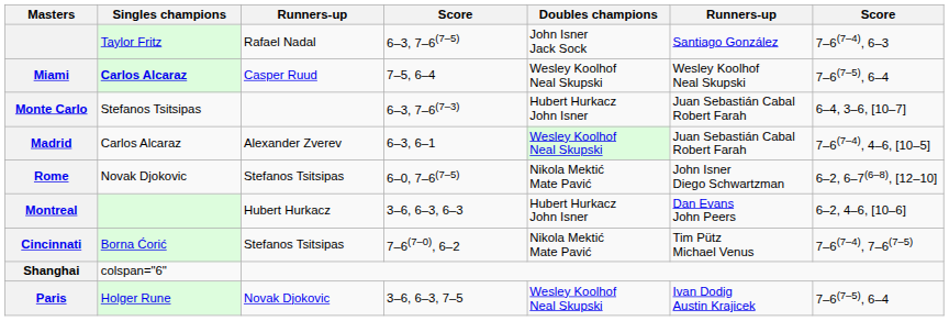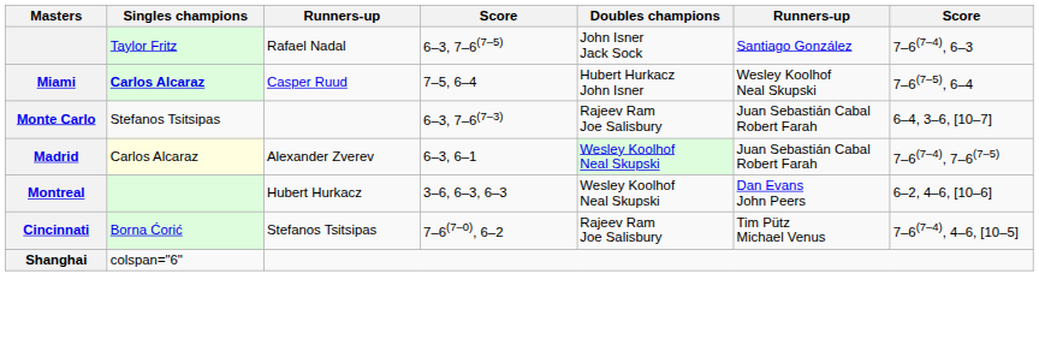 <table class="wikitable plainrowheaders">
 <tr>
 <th scope="col" style="width:7em">Masters</th>
 <th scope="col" style="width:11em">Singles champions</th>
 <th scope="col" style="width:11em">Runners-up</th>
 <th scope="col" style="width:11em">Score</th>
 <th scope="col" style="width:11em">Doubles champions</th>
 <th scope="col" style="width:11em">Runners-up</th>
 <th scope="col" style="width:10em">Score</th>
 </tr>
 <tr>
 <th scope="row"></th>
 <td style="background-color: #ddfddd"> <a href='#'>Taylor Fritz</a></td>
 <td> Rafael Nadal</td>
 <td>6–3, 7–6<sup>(7–5)</sup></td>
 <td> John Isner<br> Jack Sock</td>
 <td> <a href='#'>Santiago González</a><br></td>
 <td>7–6<sup>(7–4)</sup>, 6–3</td>
 </tr>
 <tr>
 <th scope="row"><a href='#'><strong>Miami</strong></a> <br></th>
 <td style="background-color: #ddfddd"><strong> <a href='#'>Carlos Alcaraz</a></strong></td>
 <td> <a href='#'>Casper Ruud</a></td>
 <td>7–5, 6–4</td>
-<td> Wesley Koolhof<br> Neal Skupski</td>
+<td> Hubert Hurkacz<br> John Isner</td>
 <td> Wesley Koolhof<br> Neal Skupski</td>
 <td>7–6<sup>(7–5)</sup>, 6–4</td>
 </tr>
 <tr>
 <th scope="row"><a href='#'><strong>Monte Carlo</strong></a><br></th>
 <td> Stefanos Tsitsipas</td>
 <td></td>
 <td>6–3, 7–6<sup>(7–3)</sup></td>
-<td> Hubert Hurkacz<br> John Isner</td>
+<td> Rajeev Ram<br> Joe Salisbury</td>
 <td> Juan Sebastián Cabal<br> Robert Farah</td>
 <td>6–4, 3–6, [10–7]</td>
 </tr>
 <tr>
 <th scope="row"><a href='#'><strong>Madrid</strong></a> <br></th>
-<td> Carlos Alcaraz</td>
+<td style="background: lightyellow;"> Carlos Alcaraz</td>
 <td> Alexander Zverev</td>
 <td>6–3, 6–1</td>
 <td style="background-color: #ddfddd"> <a href='#'>Wesley Koolhof</a><br> <a href='#'>Neal Skupski</a></td>
 <td> Juan Sebastián Cabal<br> Robert Farah</td>
-<td>7–6<sup>(7–4)</sup>, 4–6, [10–5]</td>
-</tr>
-<tr>
-<th scope="row"><a href='#'><strong>Rome</strong></a> <br></th>
-<td> Novak Djokovic</td>
-<td> Stefanos Tsitsipas</td>
-<td>6–0, 7–6<sup>(7–5)</sup></td>
-<td> Nikola Mektić<br> Mate Pavić</td>
-<td> John Isner<br> Diego Schwartzman</td>
-<td>6–2, 6–7<sup>(6–8)</sup>, [12–10]</td>
+<td>7–6<sup>(7–4)</sup>, 7–6<sup>(7–5)</sup></td>
 </tr>
 <tr>
 <th scope="row"><a href='#'><strong>Montreal</strong></a> <br></th>
 <td style="background-color: #ddfddd"></td>
 <td> Hubert Hurkacz</td>
 <td>3–6, 6–3, 6–3</td>
-<td> Hubert Hurkacz<br> John Isner</td>
+<td> Wesley Koolhof<br> Neal Skupski</td>
 <td> <a href='#'>Dan Evans</a><br> John Peers</td>
 <td>6–2, 4–6, [10–6]</td>
 </tr>
 <tr>
 <th scope="row"><a href='#'><strong>Cincinnati</strong></a> <br></th>
 <td style="background-color: #ddfddd"> <a href='#'>Borna Ćorić</a></td>
 <td> Stefanos Tsitsipas</td>
 <td>7–6<sup>(7–0)</sup>, 6–2</td>
-<td> Nikola Mektić<br> Mate Pavić</td>
+<td> Rajeev Ram<br> Joe Salisbury</td>
 <td> Tim Pütz<br>  Michael Venus</td>
-<td>7–6<sup>(7–4)</sup>, 7–6<sup>(7–5)</sup></td>
+<td>7–6<sup>(7–4)</sup>, 4–6, [10–5]</td>
 </tr>
 <tr>
 <th scope="row"><strong>Shanghai</strong></th>
 <td>colspan="6" </td>
 </tr>
-<tr>
-<th scope="row"><a href='#'><strong>Paris</strong></a> <br></th>
-<td style="background-color: #ddfddd"> <a href='#'>Holger Rune</a></td>
-<td> <a href='#'>Novak Djokovic</a></td>
-<td>3–6, 6–3, 7–5</td>
-<td> <a href='#'>Wesley Koolhof</a> <br> <a href='#'>Neal Skupski</a></td>
-<td> <a href='#'>Ivan Dodig</a> <br> <a href='#'>Austin Krajicek</a></td>
-<td>7–6<sup>(7–5)</sup>, 6–4</td>
-</tr>
 </table>
